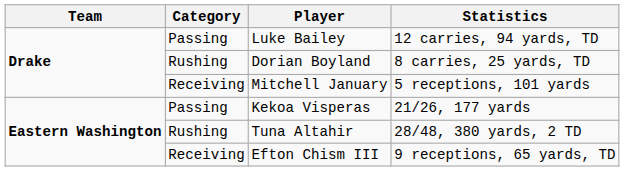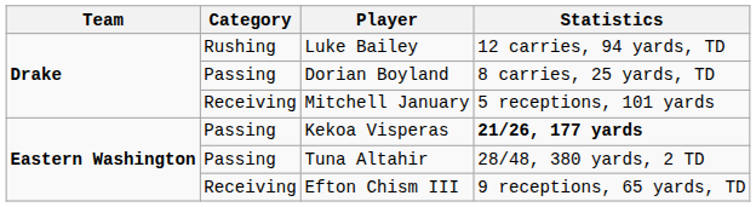 <table class="wikitable" style="float: right;">
 <tr>
 <th>Team</th>
 <th>Category</th>
 <th>Player</th>
 <th>Statistics</th>
 </tr>
 <tr>
 <td rowspan=3><strong>Drake</strong></td>
-<td>Passing</td>
+<td>Rushing</td>
 <td>Luke Bailey</td>
 <td>12 carries, 94 yards, TD</td>
 </tr>
 <tr>
-<td>Rushing</td>
+<td>Passing</td>
 <td>Dorian Boyland</td>
 <td>8 carries, 25 yards, TD</td>
 </tr>
 <tr>
 <td>Receiving</td>
 <td>Mitchell January</td>
 <td>5 receptions, 101 yards</td>
 </tr>
 <tr>
 <td rowspan=3><strong>Eastern Washington</strong></td>
 <td>Passing</td>
 <td>Kekoa Visperas</td>
-<td>21/26, 177 yards</td>
+<td><strong>21/26, 177 yards</strong></td>
 </tr>
 <tr>
-<td>Rushing</td>
+<td>Passing</td>
 <td>Tuna Altahir</td>
 <td>28/48, 380 yards, 2 TD</td>
 </tr>
 <tr>
 <td>Receiving</td>
 <td>Efton Chism III</td>
 <td>9 receptions, 65 yards, TD</td>
 </tr>
 </table>
